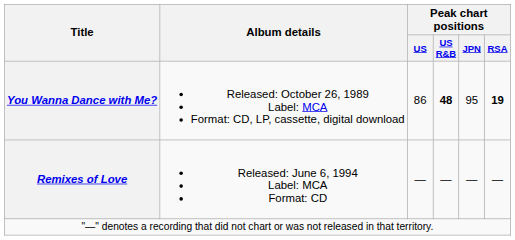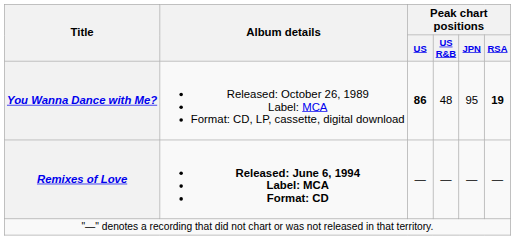 <table class="wikitable plainrowheaders" style="text-align:center;" border="1">
 <tr>
 <th rowspan="2">Title</th>
 <th rowspan="2">Album details</th>
 <th colspan="4">Peak chart positions</th>
 </tr>
 <tr style="font-size:smaller;">
 <th width="30"><a href='#'>US</a><br></th>
 <th width="30"><a href='#'>US<br>R&B</a><br></th>
 <th width="30"><a href='#'>JPN</a><br></th>
 <th width="30"><a href='#'>RSA</a><br></th>
 </tr>
 <tr>
 <th scope="row"><em><a href='#'>You Wanna Dance with Me?</a></em></th>
 <td><br><ul><li>Released: October 26, 1989</li><li>Label: <a href='#'>MCA</a></li><li>Format: CD, LP, cassette, digital download</li></ul></td>
-<td>86</td>
-<td><strong>48</strong></td>
+<td><strong>86</strong></td>
+<td>48</td>
 <td>95</td>
 <td><strong>19</strong></td>
 </tr>
 <tr>
 <th scope="row"><em><a href='#'>Remixes of Love</a></em></th>
-<td><br><ul><li>Released: June 6, 1994</li><li>Label: MCA</li><li>Format: CD</li></ul></td>
+<td><strong><br><ul><li>Released: June 6, 1994</li><li>Label: MCA</li><li>Format: CD</li></ul></strong></td>
 <td>—</td>
 <td>—</td>
 <td>—</td>
 <td>—</td>
 </tr>
 <tr>
 <td colspan="15" style="font-size:90%">"—" denotes a recording that did not chart or was not released in that territory.</td>
 </tr>
 </table>
